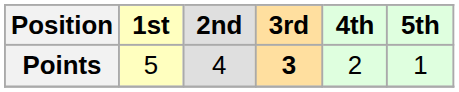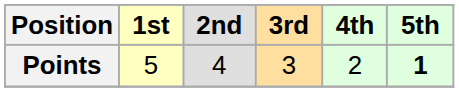 <table class="wikitable" style="font-size:85%; text-align:center">
 <tr>
 <th>Position</th>
 <td style="background:#ffffbf;"> <strong>1st</strong> </td>
 <td style="background:#dfdfdf;"> <strong>2nd</strong> </td>
 <td style="background:#ffdf9f;"> <strong>3rd</strong> </td>
 <td style="background:#dfffdf;"> <strong>4th</strong> </td>
 <td style="background:#dfffdf;"> <strong>5th</strong> </td>
 </tr>
 <tr>
 <th>Points</th>
 <td style="background:#ffffbf;">5</td>
 <td style="background:#dfdfdf;">4</td>
-<td style="background:#ffdf9f;"><strong>3</strong></td>
+<td style="background:#ffdf9f;">3</td>
 <td style="background:#dfffdf;">2</td>
-<td style="background:#dfffdf;">1</td>
+<td style="background:#dfffdf;"><strong>1</strong></td>
 </tr>
 <tr>
 </tr>
 </table>
